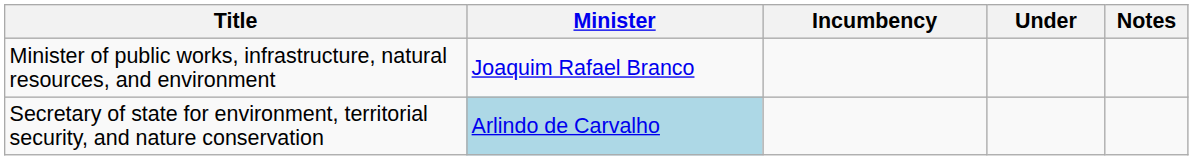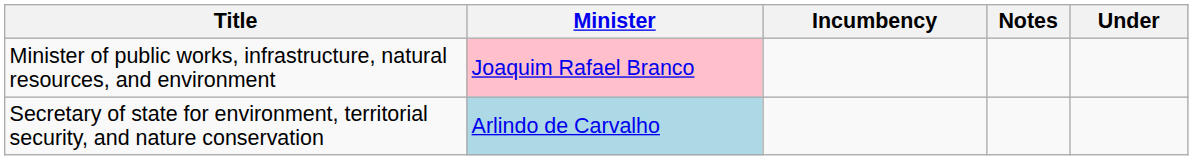 <table class="wikitable" style="width:100%;">
 <tr>
 <th>Title</th>
 <th style="width:25%;"><a href='#'>Minister</a></th>
 <th style="width:160px;">Incumbency</th>
+<th style="width:7%;">Notes</th>
 <th style="width:10%;">Under</th>
-<th style="width:7%;">Notes</th>
 </tr>
 <tr>
 <td>Minister of public works, infrastructure, natural resources, and environment</td>
-<td><a href='#'>Joaquim Rafael Branco</a></td>
+<td style="background: pink;"><a href='#'>Joaquim Rafael Branco</a></td>
 <td></td>
 <td></td>
 <td></td>
 </tr>
 <tr>
 <td>Secretary of state for environment, territorial security, and nature conservation</td>
 <td style="background: lightblue;"><a href='#'>Arlindo de Carvalho</a></td>
 <td></td>
 <td></td>
 <td></td>
 </tr>
 </table>
